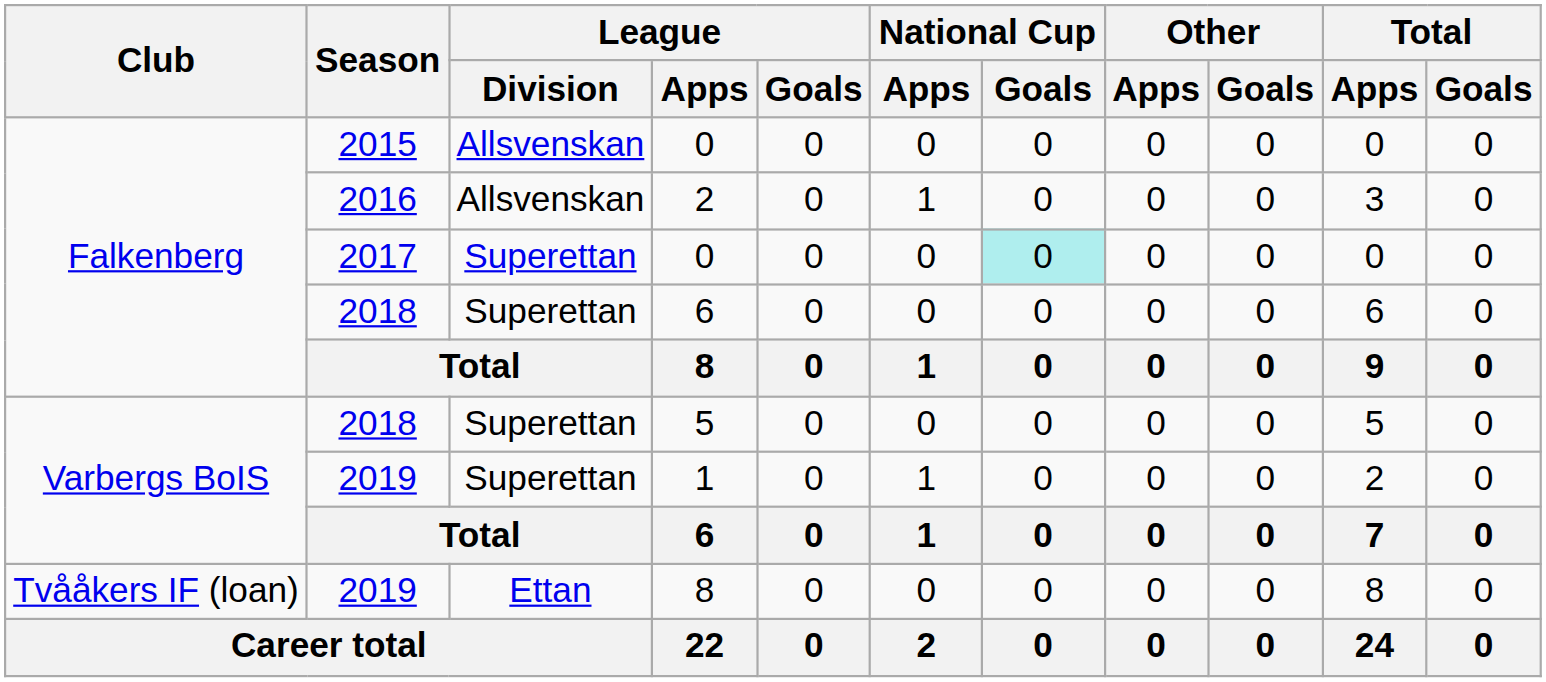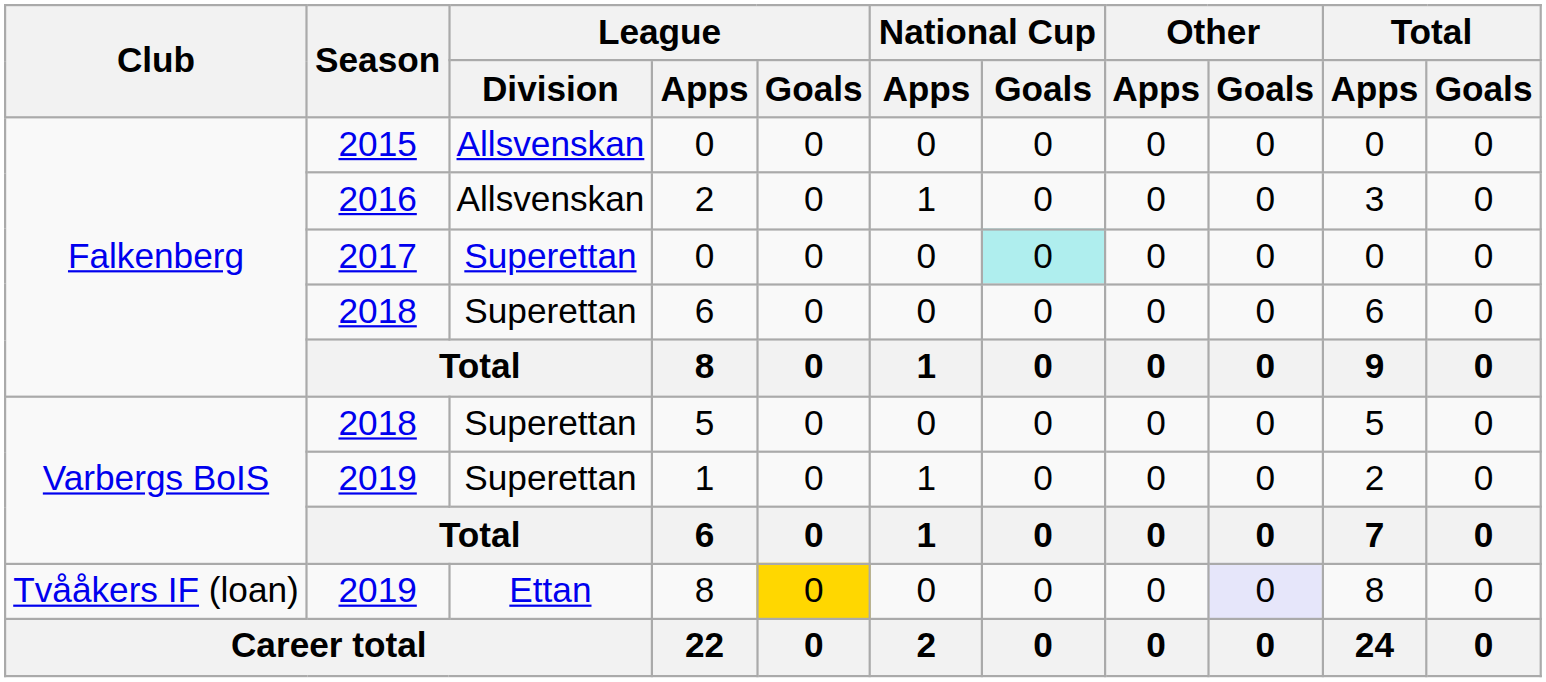 <table class="wikitable" style="text-align:center">
 <tr>
 <th rowspan="2">Club</th>
 <th rowspan="2">Season</th>
 <th colspan="3">League</th>
 <th colspan="2">National Cup</th>
 <th colspan="2">Other</th>
 <th colspan="2">Total</th>
 </tr>
 <tr>
 <th>Division</th>
 <th>Apps</th>
 <th>Goals</th>
 <th>Apps</th>
 <th>Goals</th>
 <th>Apps</th>
 <th>Goals</th>
 <th>Apps</th>
 <th>Goals</th>
 </tr>
 <tr>
 <td rowspan="5"><a href='#'>Falkenberg</a></td>
 <td><a href='#'>2015</a></td>
 <td><a href='#'>Allsvenskan</a></td>
 <td>0</td>
 <td>0</td>
 <td>0</td>
 <td>0</td>
 <td>0</td>
 <td>0</td>
 <td>0</td>
 <td>0</td>
 </tr>
 <tr>
 <td><a href='#'>2016</a></td>
 <td>Allsvenskan</td>
 <td>2</td>
 <td>0</td>
 <td>1</td>
 <td>0</td>
 <td>0</td>
 <td>0</td>
 <td>3</td>
 <td>0</td>
 </tr>
 <tr>
 <td><a href='#'>2017</a></td>
 <td><a href='#'>Superettan</a></td>
 <td>0</td>
 <td>0</td>
 <td>0</td>
 <td style="background: paleturquoise;">0</td>
 <td>0</td>
 <td>0</td>
 <td>0</td>
 <td>0</td>
 </tr>
 <tr>
 <td><a href='#'>2018</a></td>
 <td>Superettan</td>
 <td>6</td>
 <td>0</td>
 <td>0</td>
 <td>0</td>
 <td>0</td>
 <td>0</td>
 <td>6</td>
 <td>0</td>
 </tr>
 <tr>
 <th colspan="2">Total</th>
 <th>8</th>
 <th>0</th>
 <th>1</th>
 <th>0</th>
 <th>0</th>
 <th>0</th>
 <th>9</th>
 <th>0</th>
 </tr>
 <tr>
 <td rowspan="3"><a href='#'>Varbergs BoIS</a></td>
 <td><a href='#'>2018</a></td>
 <td>Superettan</td>
 <td>5</td>
 <td>0</td>
 <td>0</td>
 <td>0</td>
 <td>0</td>
 <td>0</td>
 <td>5</td>
 <td>0</td>
 </tr>
 <tr>
 <td><a href='#'>2019</a></td>
 <td>Superettan</td>
 <td>1</td>
 <td>0</td>
 <td>1</td>
 <td>0</td>
 <td>0</td>
 <td>0</td>
 <td>2</td>
 <td>0</td>
 </tr>
 <tr>
 <th colspan="2">Total</th>
 <th>6</th>
 <th>0</th>
 <th>1</th>
 <th>0</th>
 <th>0</th>
 <th>0</th>
 <th>7</th>
 <th>0</th>
 </tr>
 <tr>
 <td><a href='#'>Tvååkers IF</a> (loan)</td>
 <td><a href='#'>2019</a></td>
 <td><a href='#'>Ettan</a></td>
 <td>8</td>
+<td style="background: gold;">0</td>
 <td>0</td>
 <td>0</td>
 <td>0</td>
-<td>0</td>
-<td>0</td>
+<td style="background: lavender;">0</td>
 <td>8</td>
 <td>0</td>
 </tr>
 <tr>
 <th colspan="3">Career total</th>
 <th>22</th>
 <th>0</th>
 <th>2</th>
 <th>0</th>
 <th>0</th>
 <th>0</th>
 <th>24</th>
 <th>0</th>
 </tr>
 </table>
